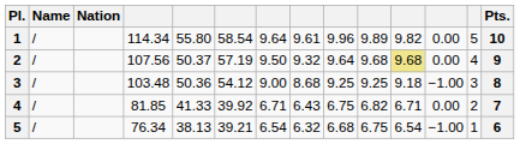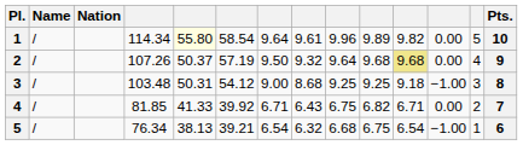 <table class="wikitable sortable" style="text-align:center">
 <tr>
 <th>Pl.</th>
 <th>Name</th>
 <th>Nation</th>
 <th></th>
 <th></th>
 <th></th>
 <th></th>
 <th></th>
 <th></th>
 <th></th>
 <th></th>
 <th></th>
 <th></th>
 <th>Pts.</th>
 </tr>
 <tr>
 <th>1</th>
 <td align=left> / </td>
 <td align=left></td>
 <td>114.34</td>
-<td>55.80</td>
+<td style="background: lightyellow;">55.80</td>
 <td>58.54</td>
 <td>9.64</td>
 <td>9.61</td>
 <td>9.96</td>
 <td>9.89</td>
 <td>9.82</td>
 <td>0.00</td>
 <td>5</td>
 <th>10</th>
 </tr>
 <tr>
 <th>2</th>
 <td align=left> / </td>
 <td align=left></td>
-<td>107.56</td>
+<td>107.26</td>
 <td>50.37</td>
 <td>57.19</td>
 <td>9.50</td>
 <td>9.32</td>
 <td>9.64</td>
 <td>9.68</td>
 <td style="background: khaki;">9.68</td>
 <td>0.00</td>
 <td>4</td>
 <th>9</th>
 </tr>
 <tr>
 <th>3</th>
 <td align=left> / </td>
 <td align=left></td>
 <td>103.48</td>
-<td>50.36</td>
+<td>50.31</td>
 <td>54.12</td>
 <td>9.00</td>
 <td>8.68</td>
 <td>9.25</td>
 <td>9.25</td>
 <td>9.18</td>
 <td>−1.00</td>
 <td>3</td>
 <th>8</th>
 </tr>
 <tr>
 <th>4</th>
 <td align=left> / </td>
 <td align=left></td>
 <td>81.85</td>
 <td>41.33</td>
 <td>39.92</td>
 <td>6.71</td>
 <td>6.43</td>
 <td>6.75</td>
 <td>6.82</td>
 <td>6.71</td>
 <td>0.00</td>
 <td>2</td>
 <th>7</th>
 </tr>
 <tr>
 <th>5</th>
 <td align=left> / </td>
 <td align=left></td>
 <td>76.34</td>
 <td>38.13</td>
 <td>39.21</td>
 <td>6.54</td>
 <td>6.32</td>
 <td>6.68</td>
 <td>6.75</td>
 <td>6.54</td>
 <td>−1.00</td>
 <td>1</td>
 <th>6</th>
 </tr>
 </table>
